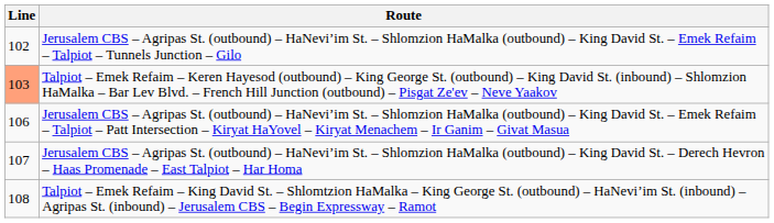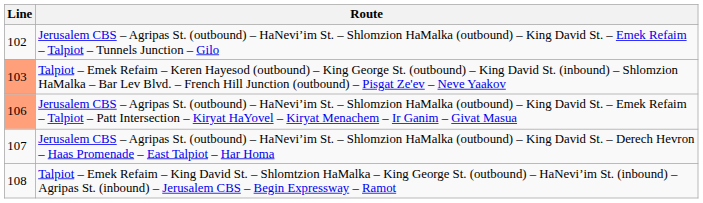 <table class="wikitable">
 <tr>
 <th>Line</th>
 <th>Route</th>
 </tr>
 <tr>
 <td>102</td>
 <td><a href='#'>Jerusalem CBS</a> – Agripas St. (outbound) – HaNevi’im St. – Shlomzion HaMalka (outbound) – King David St. – <a href='#'>Emek Refaim</a> – <a href='#'>Talpiot</a> – Tunnels Junction – <a href='#'>Gilo</a></td>
 </tr>
 <tr>
 <td style="background: lightsalmon;">103</td>
 <td><a href='#'>Talpiot</a> – Emek Refaim – Keren Hayesod (outbound) – King George St. (outbound) – King David St. (inbound) – Shlomzion HaMalka – Bar Lev Blvd. – French Hill Junction (outbound) – <a href='#'>Pisgat Ze'ev</a> – <a href='#'>Neve Yaakov</a></td>
 </tr>
 <tr>
-<td>106</td>
+<td style="background: lightsalmon;">106</td>
 <td><a href='#'>Jerusalem CBS</a> – Agripas St. (outbound) – HaNevi’im St. – Shlomzion HaMalka (outbound) – King David St. – Emek Refaim – <a href='#'>Talpiot</a> – Patt Intersection – <a href='#'>Kiryat HaYovel</a> – <a href='#'>Kiryat Menachem</a> – <a href='#'>Ir Ganim</a> – <a href='#'>Givat Masua</a></td>
 </tr>
 <tr>
 <td>107</td>
 <td><a href='#'>Jerusalem CBS</a> – Agripas St. (outbound) – HaNevi’im St. – Shlomzion HaMalka (outbound) – King David St. – Derech Hevron – <a href='#'>Haas Promenade</a> – <a href='#'>East Talpiot</a> – <a href='#'>Har Homa</a></td>
 </tr>
 <tr>
 <td>108</td>
 <td><a href='#'>Talpiot</a> – Emek Refaim – King David St. – Shlomtzion HaMalka – King George St. (outbound) – HaNevi’im St. (inbound) – Agripas St. (inbound) – <a href='#'>Jerusalem CBS</a> – <a href='#'>Begin Expressway</a> – <a href='#'>Ramot</a></td>
 </tr>
 </table>
